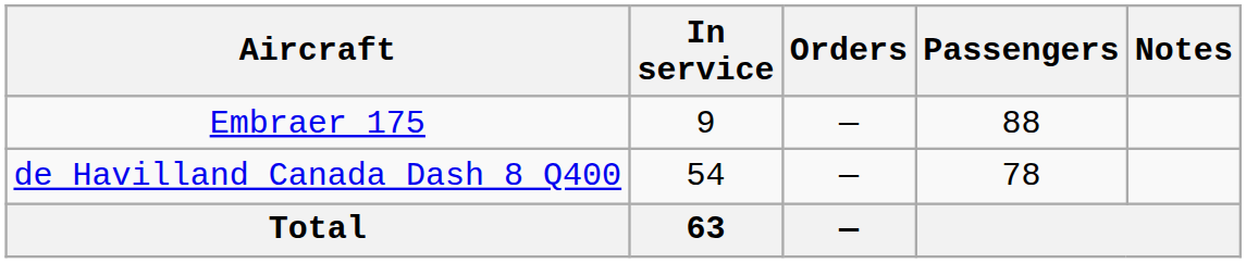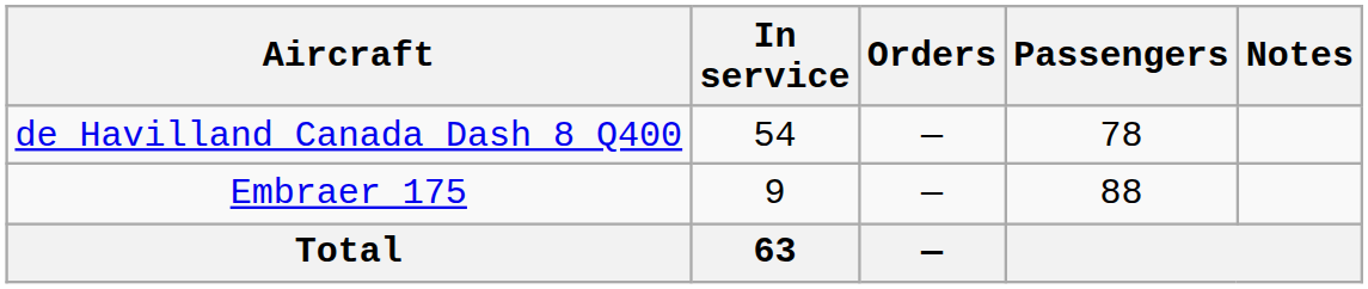 <table class="wikitable" style="margin:0.5em auto; text-align:center">
 <tr>
 <th>Aircraft</th>
 <th>In <br> service</th>
 <th>Orders</th>
 <th>Passengers</th>
 <th>Notes</th>
 </tr>
 <tr>
+<td><a href='#'>de Havilland Canada Dash 8 Q400</a></td>
+<td>54</td>
+<td>—</td>
+<td>78</td>
+<td></td>
+</tr>
+<tr>
 <td><a href='#'>Embraer 175</a></td>
 <td>9</td>
 <td>—</td>
 <td>88</td>
-<td></td>
-</tr>
-<tr>
-<td><a href='#'>de Havilland Canada Dash 8 Q400</a></td>
-<td>54</td>
-<td>—</td>
-<td>78</td>
 <td></td>
 </tr>
 <tr>
 <th>Total</th>
 <th>63</th>
 <th>—</th>
 <th colspan=2></th>
 </tr>
 </table>
